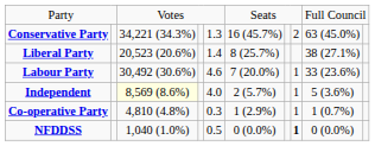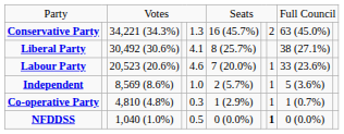 <table class=wikitable style="text-align:center;">
 <tr>
 <td colspan=2>Party</td>
 <td colspan=3>Votes</td>
 <td colspan=3>Seats</td>
 <td colspan=3>Full Council</td>
 </tr>
 <tr>
 <td><strong><a href='#'>Conservative Party</a></strong></td>
 <td style="background:"></td>
 <td>34,221 (34.3%)</td>
 <td></td>
 <td> 1.3</td>
 <td>16 (45.7%)</td>
 <td></td>
 <td> 2</td>
 <td>63 (45.0%)</td>
 <td></td>
 </tr>
 <tr>
 <td><strong><a href='#'>Liberal Party</a></strong></td>
 <td style="background:"></td>
-<td>20,523 (20.6%)</td>
+<td>30,492 (30.6%)</td>
 <td></td>
-<td> 1.4</td>
+<td> 4.1</td>
 <td>8 (25.7%)</td>
 <td></td>
 <td></td>
 <td>38 (27.1%)</td>
 <td></td>
 </tr>
 <tr>
 <td><strong><a href='#'>Labour Party</a></strong></td>
 <td style="background:"></td>
-<td>30,492 (30.6%)</td>
+<td>20,523 (20.6%)</td>
 <td></td>
 <td> 4.6</td>
 <td>7 (20.0%)</td>
 <td></td>
 <td> 1</td>
 <td>33 (23.6%)</td>
 <td></td>
 </tr>
 <tr>
 <td><strong><a href='#'>Independent</a></strong></td>
 <td style="background:"></td>
-<td style="background: lightyellow;">8,569 (8.6%)</td>
+<td>8,569 (8.6%)</td>
 <td></td>
-<td> 4.0</td>
+<td> 1.0</td>
 <td>2 (5.7%)</td>
 <td></td>
 <td> 1</td>
 <td>5 (3.6%)</td>
 <td></td>
 </tr>
 <tr>
 <td><strong><a href='#'>Co-operative Party</a></strong></td>
 <td style="background:"></td>
 <td>4,810 (4.8%)</td>
 <td></td>
 <td> 0.3</td>
 <td>1 (2.9%)</td>
 <td></td>
 <td> 1</td>
 <td>1 (0.7%)</td>
 <td></td>
 </tr>
 <tr>
 <td><strong><a href='#'>NFDDSS</a></strong></td>
 <td style="background:"></td>
 <td>1,040 (1.0%)</td>
 <td></td>
 <td> 0.5</td>
 <td>0 (0.0%)</td>
 <td></td>
 <td><strong> 1</strong></td>
 <td>0 (0.0%)</td>
 <td></td>
 </tr>
 </table>
